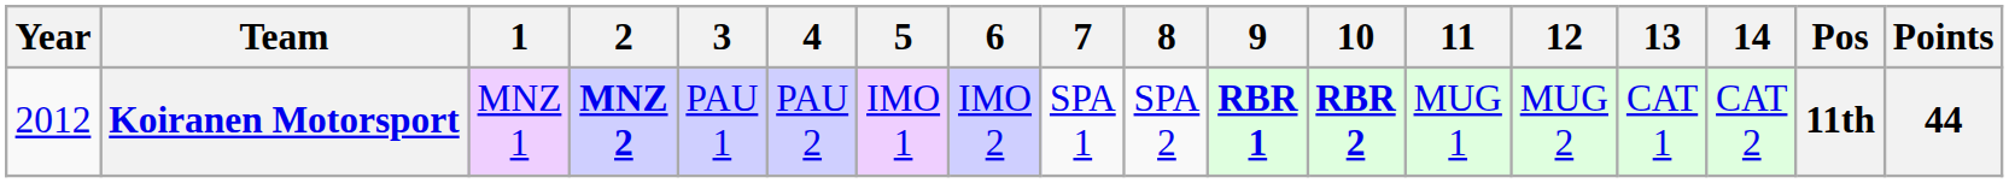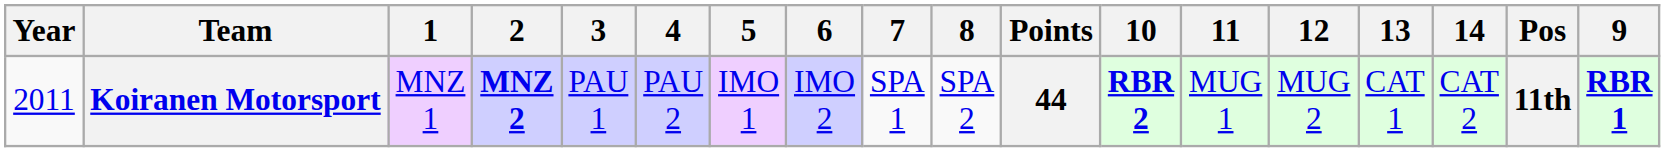 <table class="wikitable" style="text-align:center; font-size:85%">
 <tr>
 <th>Year</th>
 <th>Team</th>
 <th>1</th>
 <th>2</th>
 <th>3</th>
 <th>4</th>
 <th>5</th>
 <th>6</th>
 <th>7</th>
 <th>8</th>
-<th>9</th>
+<th>Points</th>
 <th>10</th>
 <th>11</th>
 <th>12</th>
 <th>13</th>
 <th>14</th>
 <th>Pos</th>
-<th>Points</th>
+<th>9</th>
 </tr>
 <tr>
-<td><a href='#'>2012</a></td>
+<td><a href='#'>2011</a></td>
 <th nowrap><a href='#'>Koiranen Motorsport</a></th>
 <td style="background:#EFCFFF;"><a href='#'>MNZ<br>1</a><br></td>
 <td style="background:#CFCFFF;"><strong><a href='#'>MNZ<br>2</a><br></strong></td>
 <td style="background:#CFCFFF;"><a href='#'>PAU<br>1</a><br></td>
 <td style="background:#CFCFFF;"><a href='#'>PAU<br>2</a><br></td>
 <td style="background:#EFCFFF;"><a href='#'>IMO<br>1</a><br></td>
 <td style="background:#CFCFFF;"><a href='#'>IMO<br>2</a><br></td>
 <td><a href='#'>SPA<br>1</a></td>
 <td><a href='#'>SPA<br>2</a></td>
-<td style="background:#DFFFDF;"><strong><a href='#'>RBR<br>1</a></strong><br></td>
+<th>44</th>
 <td style="background:#DFFFDF;"><strong><a href='#'>RBR<br>2</a></strong><br></td>
 <td style="background:#DFFFDF;"><a href='#'>MUG<br>1</a><br></td>
 <td style="background:#DFFFDF;"><a href='#'>MUG<br>2</a><br></td>
 <td style="background:#DFFFDF;"><a href='#'>CAT<br>1</a><br></td>
 <td style="background:#DFFFDF;"><a href='#'>CAT<br>2</a><br></td>
 <th>11th</th>
-<th>44</th>
+<td style="background:#DFFFDF;"><strong><a href='#'>RBR<br>1</a></strong><br></td>
 </tr>
 </table>
